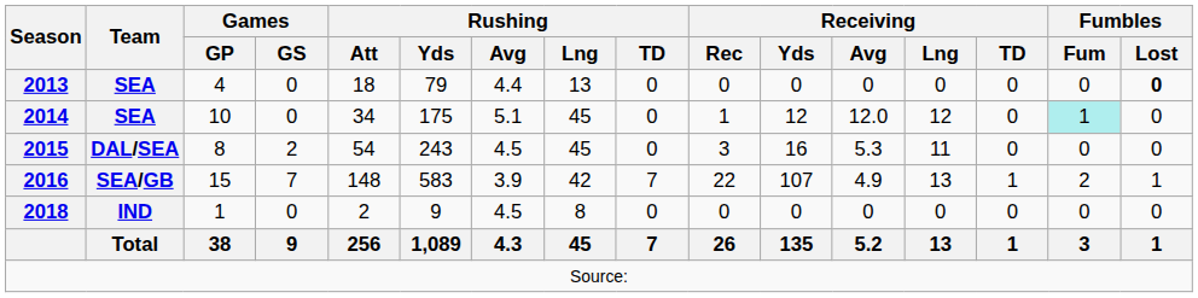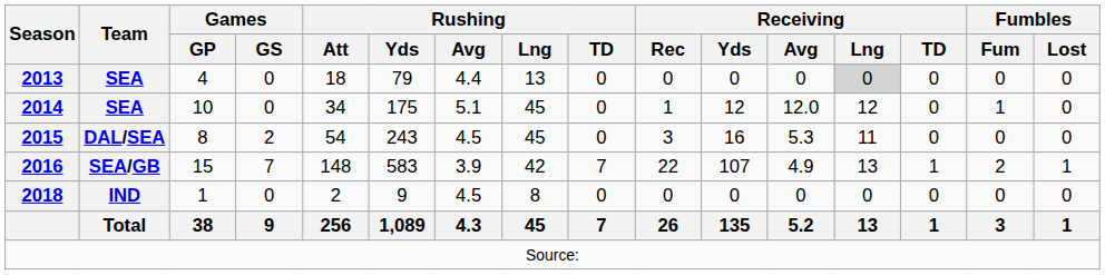 <table class=wikitable style="text-align:center;">
 <tr>
 <th rowspan=2>Season</th>
 <th rowspan=2>Team</th>
 <th colspan=2>Games</th>
 <th colspan=5>Rushing</th>
 <th colspan=5>Receiving</th>
 <th colspan=2>Fumbles</th>
 </tr>
 <tr>
 <th style="width: 50px;">GP</th>
 <th style="width: 50px;">GS</th>
 <th style="width: 50px;">Att</th>
 <th style="width: 50px;">Yds</th>
 <th style="width: 50px;">Avg</th>
 <th style="width: 50px;">Lng</th>
 <th style="width: 50px;">TD</th>
 <th style="width: 50px;">Rec</th>
 <th style="width: 50px;">Yds</th>
 <th style="width: 50px;">Avg</th>
 <th style="width: 50px;">Lng</th>
 <th style="width: 50px;">TD</th>
 <th style="width: 50px;">Fum</th>
 <th style="width: 50px;">Lost</th>
 </tr>
 <tr>
 <th><a href='#'>2013</a></th>
 <th><a href='#'>SEA</a></th>
 <td>4</td>
 <td>0</td>
 <td>18</td>
 <td>79</td>
 <td>4.4</td>
 <td>13</td>
 <td>0</td>
 <td>0</td>
 <td>0</td>
 <td>0</td>
+<td style="background: lightgrey;">0</td>
 <td>0</td>
 <td>0</td>
 <td>0</td>
-<td><strong>0</strong></td>
 </tr>
 <tr>
 <th><a href='#'>2014</a></th>
 <th><a href='#'>SEA</a></th>
 <td>10</td>
 <td>0</td>
 <td>34</td>
 <td>175</td>
 <td>5.1</td>
 <td>45</td>
 <td>0</td>
 <td>1</td>
 <td>12</td>
 <td>12.0</td>
 <td>12</td>
 <td>0</td>
-<td style="background: paleturquoise;">1</td>
+<td>1</td>
 <td>0</td>
 </tr>
 <tr>
 <th><a href='#'>2015</a></th>
 <th><a href='#'>DAL</a>/<a href='#'>SEA</a></th>
 <td>8</td>
 <td>2</td>
 <td>54</td>
 <td>243</td>
 <td>4.5</td>
 <td>45</td>
 <td>0</td>
 <td>3</td>
 <td>16</td>
 <td>5.3</td>
 <td>11</td>
 <td>0</td>
 <td>0</td>
 <td>0</td>
 </tr>
 <tr>
 <th><a href='#'>2016</a></th>
 <th><a href='#'>SEA</a>/<a href='#'>GB</a></th>
 <td>15</td>
 <td>7</td>
 <td>148</td>
 <td>583</td>
 <td>3.9</td>
 <td>42</td>
 <td>7</td>
 <td>22</td>
 <td>107</td>
 <td>4.9</td>
 <td>13</td>
 <td>1</td>
 <td>2</td>
 <td>1</td>
 </tr>
 <tr>
 <th><a href='#'>2018</a></th>
 <th><a href='#'>IND</a></th>
 <td>1</td>
 <td>0</td>
 <td>2</td>
 <td>9</td>
 <td>4.5</td>
 <td>8</td>
 <td>0</td>
 <td>0</td>
 <td>0</td>
 <td>0</td>
 <td>0</td>
 <td>0</td>
 <td>0</td>
 <td>0</td>
 </tr>
 <tr>
 <th></th>
 <th>Total</th>
 <th>38</th>
 <th>9</th>
 <th>256</th>
 <th>1,089</th>
 <th>4.3</th>
 <th>45</th>
 <th>7</th>
 <th>26</th>
 <th>135</th>
 <th>5.2</th>
 <th>13</th>
 <th>1</th>
 <th>3</th>
 <th>1</th>
 </tr>
 <tr>
 <td colspan="16"><small>Source: </small></td>
 </tr>
 </table>
